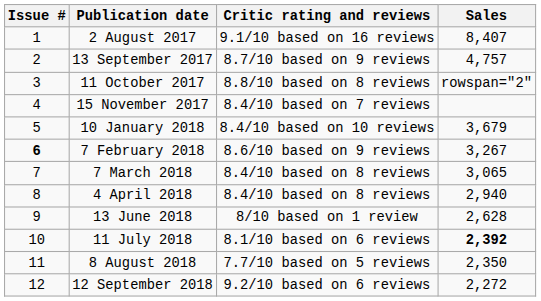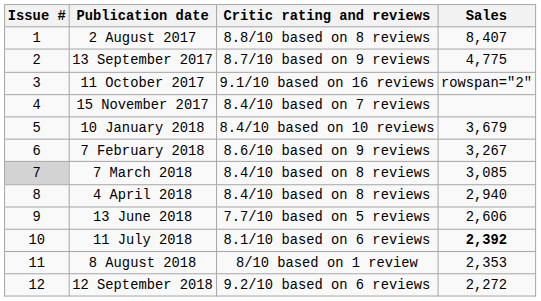 <table class="wikitable" style="text-align: center;">
 <tr>
 <th>Issue #</th>
 <th>Publication date</th>
 <th>Critic rating and reviews</th>
 <th>Sales</th>
 </tr>
 <tr>
 <td>1</td>
 <td>2 August 2017</td>
-<td>9.1/10 based on 16 reviews</td>
+<td>8.8/10 based on 8 reviews</td>
 <td>8,407</td>
 </tr>
 <tr>
 <td>2</td>
 <td>13 September 2017</td>
 <td>8.7/10 based on 9 reviews</td>
-<td>4,757</td>
+<td>4,775</td>
 </tr>
 <tr>
 <td>3</td>
 <td>11 October 2017</td>
-<td>8.8/10 based on 8 reviews</td>
+<td>9.1/10 based on 16 reviews</td>
 <td>rowspan="2" </td>
 </tr>
 <tr>
 <td>4</td>
 <td>15 November 2017</td>
 <td>8.4/10 based on 7 reviews</td>
 </tr>
 <tr>
 <td>5</td>
 <td>10 January 2018</td>
 <td>8.4/10 based on 10 reviews</td>
 <td>3,679</td>
 </tr>
 <tr>
-<td><strong>6</strong></td>
+<td>6</td>
 <td>7 February 2018</td>
 <td>8.6/10 based on 9 reviews</td>
 <td>3,267</td>
 </tr>
 <tr>
-<td>7</td>
+<td style="background: lightgrey;">7</td>
 <td>7 March 2018</td>
 <td>8.4/10 based on 8 reviews</td>
-<td>3,065</td>
+<td>3,085</td>
 </tr>
 <tr>
 <td>8</td>
 <td>4 April 2018</td>
 <td>8.4/10 based on 8 reviews</td>
 <td>2,940</td>
 </tr>
 <tr>
 <td>9</td>
 <td>13 June 2018</td>
-<td>8/10 based on 1 review</td>
-<td>2,628</td>
+<td>7.7/10 based on 5 reviews</td>
+<td>2,606</td>
 </tr>
 <tr>
 <td>10</td>
 <td>11 July 2018</td>
 <td>8.1/10 based on 6 reviews</td>
 <td><strong>2,392</strong></td>
 </tr>
 <tr>
 <td>11</td>
 <td>8 August 2018</td>
-<td>7.7/10 based on 5 reviews</td>
-<td>2,350</td>
+<td>8/10 based on 1 review</td>
+<td>2,353</td>
 </tr>
 <tr>
 <td>12</td>
 <td>12 September 2018</td>
 <td>9.2/10 based on 6 reviews</td>
 <td>2,272</td>
 </tr>
 </table>
